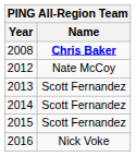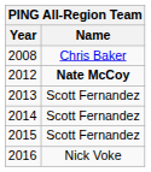 <table class="wikitable">
 <tr>
 <th colspan="2">PING All-Region Team</th>
 </tr>
 <tr>
 <th scope="col">Year</th>
 <th scope="col">Name</th>
 </tr>
 <tr>
 <td>2008</td>
-<td style="text-align: center;"><strong><a href='#'>Chris Baker</a></strong></td>
+<td style="text-align: center;"><a href='#'>Chris Baker</a></td>
 </tr>
 <tr>
 <td>2012</td>
-<td style="text-align: center;">Nate McCoy</td>
+<td style="text-align: center;"><strong>Nate McCoy</strong></td>
 </tr>
 <tr>
 <td>2013</td>
 <td style="text-align: center;">Scott Fernandez</td>
 </tr>
 <tr>
 <td>2014</td>
 <td style="text-align: center;">Scott Fernandez</td>
 </tr>
 <tr>
 <td>2015</td>
 <td style="text-align: center;">Scott Fernandez</td>
 </tr>
 <tr>
 <td>2016</td>
 <td style="text-align: center;">Nick Voke</td>
 </tr>
 </table>
